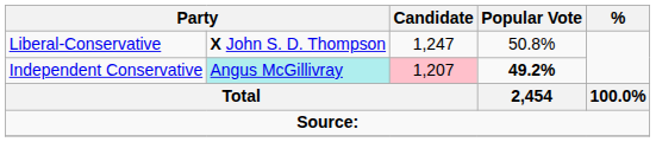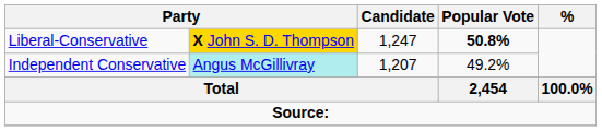 <table class="wikitable">
 <tr>
 <th colspan="2">Party</th>
 <th>Candidate</th>
 <th>Popular Vote</th>
 <th>%</th>
 </tr>
 <tr>
 <td><a href='#'>Liberal-Conservative</a></td>
-<td> <strong>X</strong> <a href='#'>John S. D. Thompson</a></td>
+<td style="background: gold;"> <strong>X</strong> <a href='#'>John S. D. Thompson</a></td>
 <td align=center>1,247</td>
-<td align=center>50.8%</td>
+<td align=center><strong>50.8%</strong></td>
 </tr>
 <tr>
 <td><a href='#'>Independent Conservative</a></td>
 <td style="background: paleturquoise;"><a href='#'>Angus McGillivray</a></td>
-<td align=center style="background: pink;">1,207</td>
-<td align=center><strong>49.2%</strong></td>
+<td align=center>1,207</td>
+<td align=center>49.2%</td>
 </tr>
 <tr>
 <th colspan=3 align=center>Total</th>
 <th align=right>2,454</th>
 <th align=right>100.0%</th>
 </tr>
 <tr>
 <td align="center" colspan=5><strong>Source:</strong> </td>
 </tr>
 <tr>
 </tr>
 </table>
